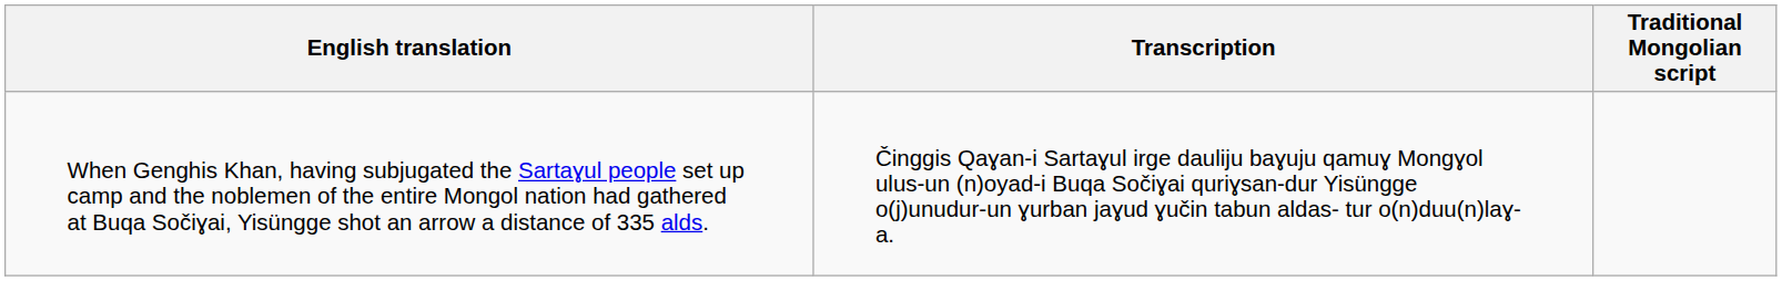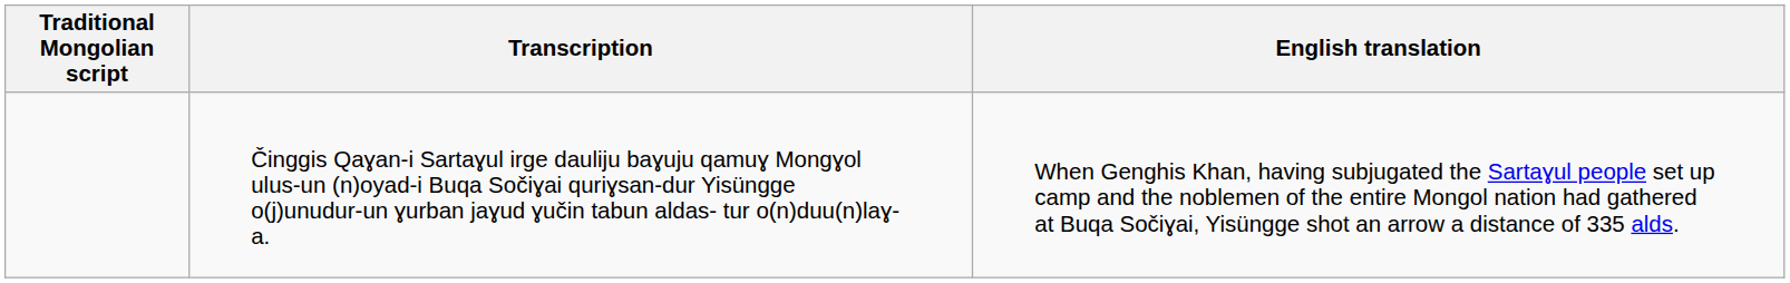 <table class="wikitable">
 <tr>
+<th>Traditional Mongolian script</th>
+<th>Transcription</th>
 <th>English translation</th>
-<th>Transcription</th>
-<th>Traditional Mongolian script</th>
 </tr>
 <tr>
+<td></td>
+<td><blockquote><br>Činggis Qaɣan-i Sartaɣul irge dauliju baɣuju qamuɣ Mongɣol ulus-un (n)oyad-i Buqa Sočiɣai quriɣsan-dur Yisüngge o(j)unudur-un ɣurban jaɣud ɣučin tabun aldas- tur o(n)duu(n)laɣ-a. </blockquote></td>
 <td><blockquote><br>When Genghis Khan, having subjugated the <a href='#'>Sartaɣul people</a> set up camp and the noblemen of the entire Mongol nation had gathered at Buqa Sočiɣai, Yisüngge shot an arrow a distance of 335 <a href='#'>alds</a>.<br></blockquote></td>
-<td><blockquote><br>Činggis Qaɣan-i Sartaɣul irge dauliju baɣuju qamuɣ Mongɣol ulus-un (n)oyad-i Buqa Sočiɣai quriɣsan-dur Yisüngge o(j)unudur-un ɣurban jaɣud ɣučin tabun aldas- tur o(n)duu(n)laɣ-a. </blockquote></td>
-<td></td>
 </tr>
 </table>
